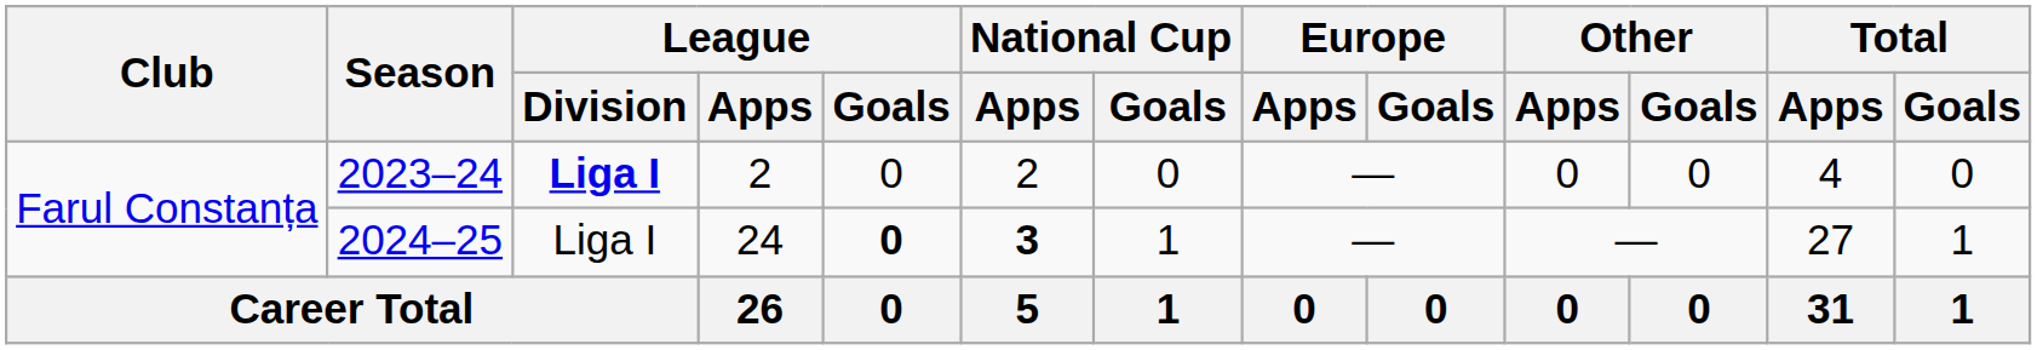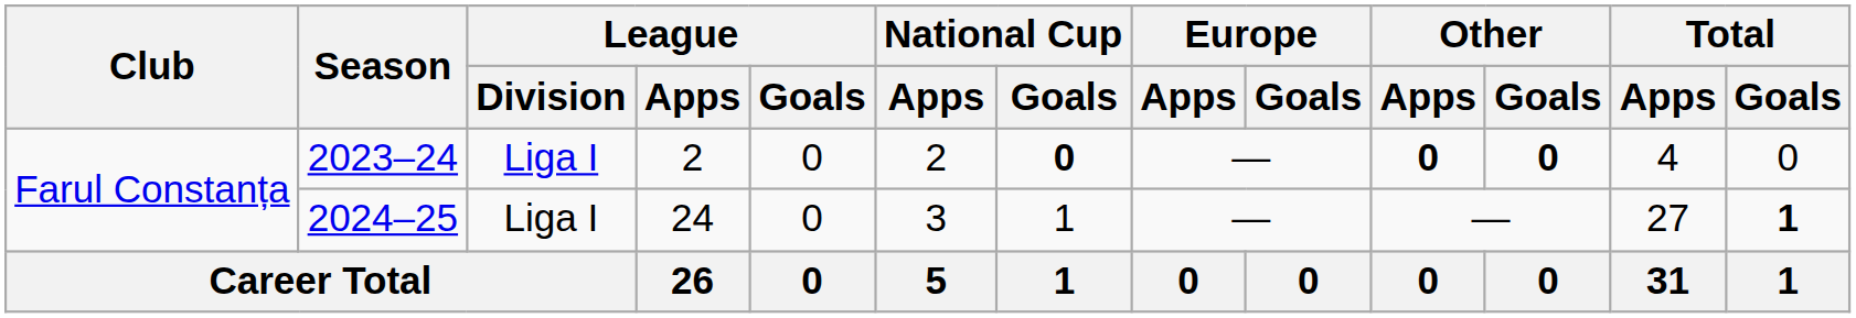 <table class=wikitable style=text-align:center>
 <tr>
 <th rowspan=2>Club</th>
 <th rowspan=2>Season</th>
 <th colspan=3>League</th>
 <th colspan=2>National Cup</th>
 <th colspan=2>Europe</th>
 <th colspan=2>Other</th>
 <th colspan=2>Total</th>
 </tr>
 <tr>
 <th>Division</th>
 <th>Apps</th>
 <th>Goals</th>
 <th>Apps</th>
 <th>Goals</th>
 <th>Apps</th>
 <th>Goals</th>
 <th>Apps</th>
 <th>Goals</th>
 <th>Apps</th>
 <th>Goals</th>
 </tr>
 <tr>
 <td rowspan="2"><a href='#'>Farul Constanța</a></td>
 <td><a href='#'>2023–24</a></td>
-<td rowspan="1"><strong><a href='#'>Liga I</a></strong></td>
+<td rowspan="1"><a href='#'>Liga I</a></td>
 <td>2</td>
 <td>0</td>
 <td>2</td>
-<td>0</td>
+<td><strong>0</strong></td>
 <td colspan="2">—</td>
-<td>0</td>
-<td>0</td>
+<td><strong>0</strong></td>
+<td><strong>0</strong></td>
 <td>4</td>
 <td>0</td>
 </tr>
 <tr>
 <td><a href='#'>2024–25</a></td>
 <td rowspan="1">Liga I</td>
 <td>24</td>
-<td><strong>0</strong></td>
-<td><strong>3</strong></td>
+<td>0</td>
+<td>3</td>
 <td>1</td>
 <td colspan="2">—</td>
 <td colspan="2">—</td>
 <td>27</td>
-<td>1</td>
+<td><strong>1</strong></td>
 </tr>
 <tr>
 <th colspan="3">Career Total</th>
 <th>26</th>
 <th>0</th>
 <th>5</th>
 <th>1</th>
 <th>0</th>
 <th>0</th>
 <th>0</th>
 <th>0</th>
 <th>31</th>
 <th>1</th>
 </tr>
 </table>
